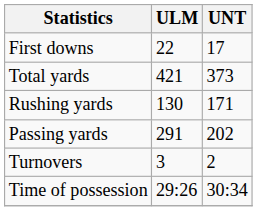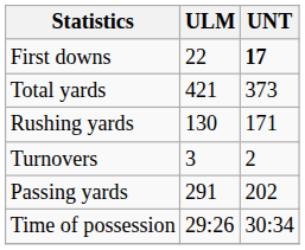 <table class="wikitable">
 <tr>
 <th>Statistics</th>
 <th>ULM</th>
 <th>UNT</th>
 </tr>
 <tr>
 <td>First downs</td>
 <td>22</td>
-<td>17</td>
+<td><strong>17</strong></td>
 </tr>
 <tr>
 <td>Total yards</td>
 <td>421</td>
 <td>373</td>
 </tr>
 <tr>
 <td>Rushing yards</td>
 <td>130</td>
 <td>171</td>
 </tr>
 <tr>
+<td>Turnovers</td>
+<td>3</td>
+<td>2</td>
+</tr>
+<tr>
 <td>Passing yards</td>
 <td>291</td>
 <td>202</td>
-</tr>
-<tr>
-<td>Turnovers</td>
-<td>3</td>
-<td>2</td>
 </tr>
 <tr>
 <td>Time of possession</td>
 <td>29:26</td>
 <td>30:34</td>
 </tr>
 <tr>
 </tr>
 </table>
